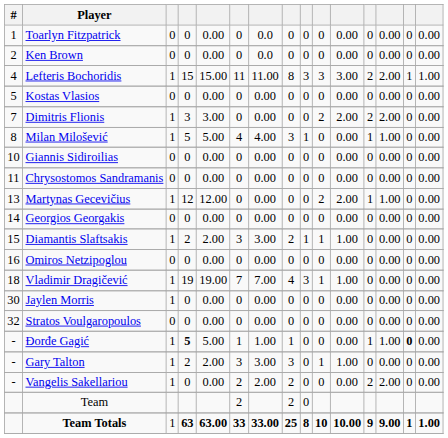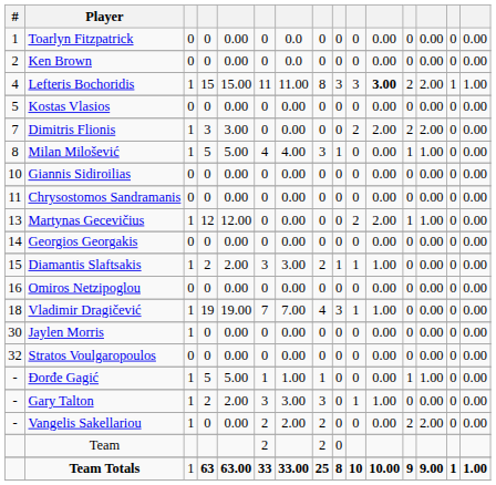 <table class="wikitable sortable" style="font-size:90%; text-align:center;">
 <tr>
 <th>#</th>
 <th>Player</th>
 <th></th>
 <th></th>
 <th></th>
 <th></th>
 <th></th>
 <th></th>
 <th></th>
 <th></th>
 <th></th>
 <th></th>
 <th></th>
 <th></th>
 <th></th>
 </tr>
 <tr>
 <td>1</td>
 <td align="left"> <a href='#'>Toarlyn Fitzpatrick</a></td>
 <td>0</td>
 <td>0</td>
 <td>0.00</td>
 <td>0</td>
 <td>0.0</td>
 <td>0</td>
 <td>0</td>
 <td>0</td>
 <td>0.00</td>
 <td>0</td>
 <td>0.00</td>
 <td>0</td>
 <td>0.00</td>
 </tr>
 <tr>
 </tr>
 <tr>
 <td>2</td>
 <td align="left"> <a href='#'>Ken Brown</a></td>
 <td>0</td>
 <td>0</td>
 <td>0.00</td>
 <td>0</td>
 <td>0.0</td>
 <td>0</td>
 <td>0</td>
 <td>0</td>
 <td>0.00</td>
 <td>0</td>
 <td>0.00</td>
 <td>0</td>
 <td>0.00</td>
 </tr>
 <tr>
 </tr>
 <tr>
 <td>4</td>
 <td align="left"> <a href='#'>Lefteris Bochoridis</a></td>
 <td>1</td>
 <td>15</td>
 <td>15.00</td>
 <td>11</td>
 <td>11.00</td>
 <td>8</td>
 <td>3</td>
 <td>3</td>
-<td>3.00</td>
+<td><strong>3.00</strong></td>
 <td>2</td>
 <td>2.00</td>
 <td>1</td>
 <td>1.00</td>
 </tr>
 <tr>
 </tr>
 <tr>
 <td>5</td>
 <td align="left"> <a href='#'>Kostas Vlasios</a></td>
 <td>0</td>
 <td>0</td>
 <td>0.00</td>
 <td>0</td>
 <td>0.00</td>
 <td>0</td>
 <td>0</td>
 <td>0</td>
 <td>0.00</td>
 <td>0</td>
 <td>0.00</td>
 <td>0</td>
 <td>0.00</td>
 </tr>
 <tr>
 </tr>
 <tr>
 <td>7</td>
 <td align="left"> <a href='#'>Dimitris Flionis</a></td>
 <td>1</td>
 <td>3</td>
 <td>3.00</td>
 <td>0</td>
 <td>0.00</td>
 <td>0</td>
 <td>0</td>
 <td>2</td>
 <td>2.00</td>
 <td>2</td>
 <td>2.00</td>
 <td>0</td>
 <td>0.00</td>
 </tr>
 <tr>
 </tr>
 <tr>
 <td>8</td>
 <td align="left"> <a href='#'>Milan Milošević</a></td>
 <td>1</td>
 <td>5</td>
 <td>5.00</td>
 <td>4</td>
 <td>4.00</td>
 <td>3</td>
 <td>1</td>
 <td>0</td>
 <td>0.00</td>
 <td>1</td>
 <td>1.00</td>
 <td>0</td>
 <td>0.00</td>
 </tr>
 <tr>
 </tr>
 <tr>
 <td>10</td>
 <td align="left"> <a href='#'>Giannis Sidiroilias</a></td>
 <td>0</td>
 <td>0</td>
 <td>0.00</td>
 <td>0</td>
 <td>0.00</td>
 <td>0</td>
 <td>0</td>
 <td>0</td>
 <td>0.00</td>
 <td>0</td>
 <td>0.00</td>
 <td>0</td>
 <td>0.00</td>
 </tr>
 <tr>
 </tr>
 <tr>
 <td>11</td>
 <td align="left"> <a href='#'>Chrysostomos Sandramanis</a></td>
 <td>0</td>
 <td>0</td>
 <td>0.00</td>
 <td>0</td>
 <td>0.00</td>
 <td>0</td>
 <td>0</td>
 <td>0</td>
 <td>0.00</td>
 <td>0</td>
 <td>0.00</td>
 <td>0</td>
 <td>0.00</td>
 </tr>
 <tr>
 </tr>
 <tr>
 <td>13</td>
 <td align="left"> <a href='#'>Martynas Gecevičius</a></td>
 <td>1</td>
 <td>12</td>
 <td>12.00</td>
 <td>0</td>
 <td>0.00</td>
 <td>0</td>
 <td>0</td>
 <td>2</td>
 <td>2.00</td>
 <td>1</td>
 <td>1.00</td>
 <td>0</td>
 <td>0.00</td>
 </tr>
 <tr>
 </tr>
 <tr>
 <td>14</td>
 <td align="left"> <a href='#'>Georgios Georgakis</a></td>
 <td>0</td>
 <td>0</td>
 <td>0.00</td>
 <td>0</td>
 <td>0.00</td>
 <td>0</td>
 <td>0</td>
 <td>0</td>
 <td>0.00</td>
 <td>0</td>
 <td>0.00</td>
 <td>0</td>
 <td>0.00</td>
 </tr>
 <tr>
 </tr>
 <tr>
 <td>15</td>
 <td align="left"> <a href='#'>Diamantis Slaftsakis</a></td>
 <td>1</td>
 <td>2</td>
 <td>2.00</td>
 <td>3</td>
 <td>3.00</td>
 <td>2</td>
 <td>1</td>
 <td>1</td>
 <td>1.00</td>
 <td>0</td>
 <td>0.00</td>
 <td>0</td>
 <td>0.00</td>
 </tr>
 <tr>
 </tr>
 <tr>
 <td>16</td>
 <td align="left"> <a href='#'>Omiros Netzipoglou</a></td>
 <td>0</td>
 <td>0</td>
 <td>0.00</td>
 <td>0</td>
 <td>0.00</td>
 <td>0</td>
 <td>0</td>
 <td>0</td>
 <td>0.00</td>
 <td>0</td>
 <td>0.00</td>
 <td>0</td>
 <td>0.00</td>
 </tr>
 <tr>
 </tr>
 <tr>
 <td>18</td>
 <td align="left"> <a href='#'>Vladimir Dragičević</a></td>
 <td>1</td>
 <td>19</td>
 <td>19.00</td>
 <td>7</td>
 <td>7.00</td>
 <td>4</td>
 <td>3</td>
 <td>1</td>
 <td>1.00</td>
 <td>0</td>
 <td>0.00</td>
 <td>0</td>
 <td>0.00</td>
 </tr>
 <tr>
 </tr>
 <tr>
 <td>30</td>
 <td align="left"> <a href='#'>Jaylen Morris</a></td>
 <td>1</td>
 <td>0</td>
 <td>0.00</td>
 <td>0</td>
 <td>0.00</td>
 <td>0</td>
 <td>0</td>
 <td>0</td>
 <td>0.00</td>
 <td>0</td>
 <td>0.00</td>
 <td>0</td>
 <td>0.00</td>
 </tr>
 <tr>
 </tr>
 <tr>
 <td>32</td>
 <td align="left"> <a href='#'>Stratos Voulgaropoulos</a></td>
 <td>0</td>
 <td>0</td>
 <td>0.00</td>
 <td>0</td>
 <td>0.00</td>
 <td>0</td>
 <td>0</td>
 <td>0</td>
 <td>0.00</td>
 <td>0</td>
 <td>0.00</td>
 <td>0</td>
 <td>0.00</td>
 </tr>
 <tr>
 </tr>
 <tr>
 <td>-</td>
 <td align="left"> <a href='#'>Đorđe Gagić</a></td>
 <td>1</td>
-<td><strong>5</strong></td>
+<td>5</td>
 <td>5.00</td>
 <td>1</td>
 <td>1.00</td>
 <td>1</td>
 <td>0</td>
 <td>0</td>
 <td>0.00</td>
 <td>1</td>
 <td>1.00</td>
-<td><strong>0</strong></td>
+<td>0</td>
 <td>0.00</td>
 </tr>
 <tr>
 </tr>
 <tr>
 <td>-</td>
 <td align="left"> <a href='#'>Gary Talton</a></td>
 <td>1</td>
 <td>2</td>
 <td>2.00</td>
 <td>3</td>
 <td>3.00</td>
 <td>3</td>
 <td>0</td>
 <td>1</td>
 <td>1.00</td>
 <td>0</td>
 <td>0.00</td>
 <td>0</td>
 <td>0.00</td>
 </tr>
 <tr>
 </tr>
 <tr>
 <td>-</td>
 <td align="left"> <a href='#'>Vangelis Sakellariou</a></td>
 <td>1</td>
 <td>0</td>
 <td>0.00</td>
 <td>2</td>
 <td>2.00</td>
 <td>2</td>
 <td>0</td>
 <td>0</td>
 <td>0.00</td>
 <td>2</td>
 <td>2.00</td>
 <td>0</td>
 <td>0.00</td>
 </tr>
 <tr>
 </tr>
 <tr>
 <td></td>
 <td>Team</td>
 <td></td>
 <td></td>
 <td></td>
 <td>2</td>
 <td></td>
 <td>2</td>
 <td>0</td>
 <td></td>
 <td></td>
 <td></td>
 <td></td>
 <td></td>
 <td></td>
 </tr>
 <tr>
 </tr>
 <tr>
 <td></td>
 <td><strong>Team Totals</strong></td>
 <td>1</td>
 <td><strong>63</strong></td>
 <td><strong>63.00</strong></td>
 <td><strong>33</strong></td>
 <td><strong>33.00</strong></td>
 <td><strong>25</strong></td>
 <td><strong>8</strong></td>
 <td><strong>10</strong></td>
 <td><strong>10.00</strong></td>
 <td><strong>9</strong></td>
 <td><strong>9.00</strong></td>
 <td><strong>1</strong></td>
 <td><strong>1.00</strong></td>
 </tr>
 <tr>
 </tr>
 </table>
